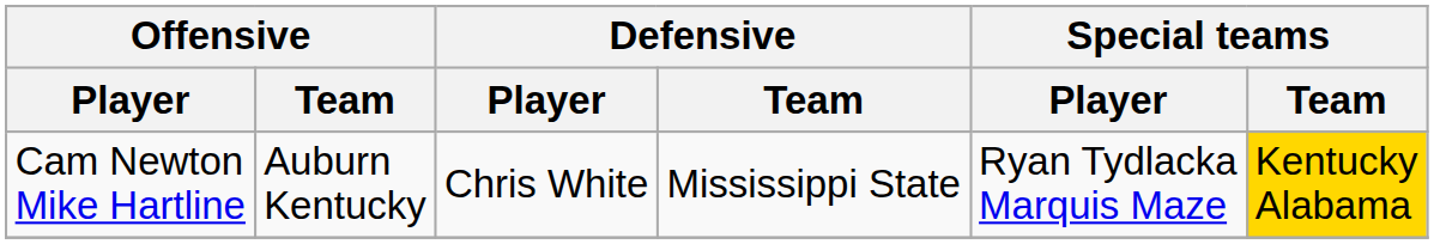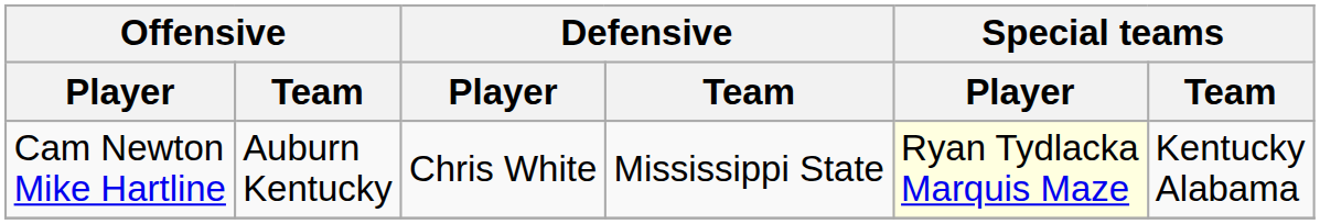 <table class="wikitable" border="1">
 <tr>
 <th colspan="2">Offensive</th>
 <th colspan="2">Defensive</th>
 <th colspan="2">Special teams</th>
 </tr>
 <tr>
 <th>Player</th>
 <th>Team</th>
 <th>Player</th>
 <th>Team</th>
 <th>Player</th>
 <th>Team</th>
 </tr>
 <tr>
 <td>Cam Newton<br><a href='#'>Mike Hartline</a></td>
 <td>Auburn<br>Kentucky</td>
 <td>Chris White</td>
 <td>Mississippi State</td>
-<td>Ryan Tydlacka<br><a href='#'>Marquis Maze</a></td>
-<td style="background: gold;">Kentucky<br>Alabama</td>
+<td style="background: lightyellow;">Ryan Tydlacka<br><a href='#'>Marquis Maze</a></td>
+<td>Kentucky<br>Alabama</td>
 </tr>
 <tr>
 </tr>
 </table>
